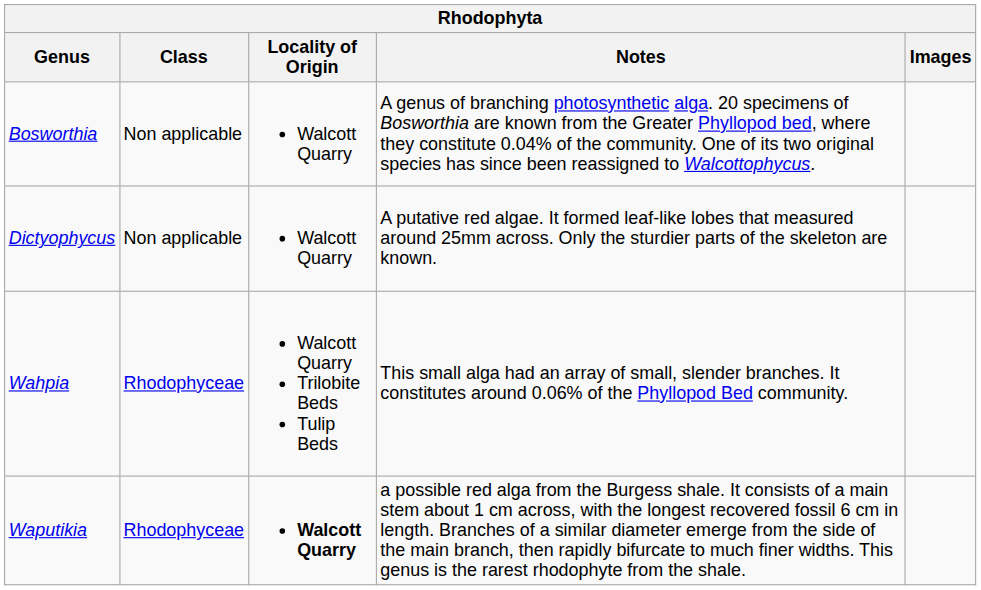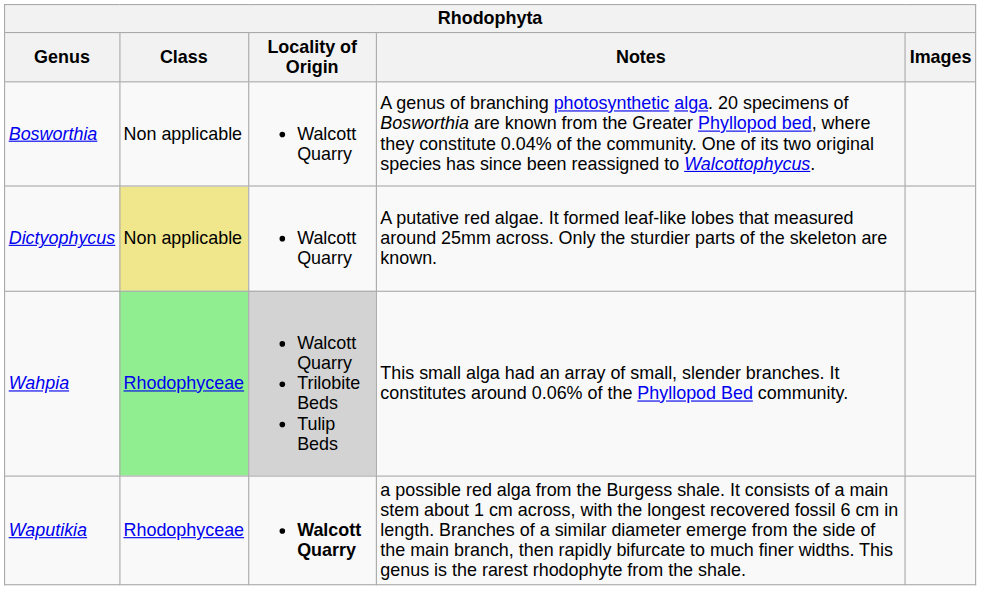 <table class="wikitable sortable mw-collapsible">
 <tr>
 <th colspan="6" align="center">Rhodophyta</th>
 </tr>
 <tr>
 <th>Genus</th>
 <th>Class</th>
 <th>Locality of Origin</th>
 <th>Notes</th>
 <th>Images</th>
 </tr>
 <tr>
 <td><em><a href='#'>Bosworthia</a></em></td>
 <td>Non applicable</td>
 <td><br><ul><li>Walcott Quarry</li></ul></td>
 <td>A genus of branching <a href='#'>photosynthetic</a> <a href='#'>alga</a>. 20 specimens of <em>Bosworthia</em> are known from the Greater <a href='#'>Phyllopod bed</a>, where they constitute 0.04% of the community. One of its two original species has since been reassigned to <em><a href='#'>Walcottophycus</a></em>.</td>
 <td></td>
 </tr>
 <tr>
 <td><em><a href='#'>Dictyophycus</a></em></td>
-<td>Non applicable</td>
+<td style="background: khaki;">Non applicable</td>
 <td><br><ul><li>Walcott Quarry</li></ul></td>
 <td>A putative red algae. It formed leaf-like lobes that measured around 25mm across. Only the sturdier parts of the skeleton are known.</td>
 <td></td>
 </tr>
 <tr>
 <td><em><a href='#'>Wahpia</a></em></td>
-<td><a href='#'>Rhodophyceae</a></td>
-<td><br><ul><li>Walcott Quarry</li><li>Trilobite Beds</li><li>Tulip Beds</li></ul></td>
+<td style="background: lightgreen;"><a href='#'>Rhodophyceae</a></td>
+<td style="background: lightgrey;"><br><ul><li>Walcott Quarry</li><li>Trilobite Beds</li><li>Tulip Beds</li></ul></td>
 <td>This small alga had an array of small, slender branches. It constitutes around 0.06% of the <a href='#'>Phyllopod Bed</a> community.</td>
 <td></td>
 </tr>
 <tr>
 <td><em><a href='#'>Waputikia</a></em></td>
 <td><a href='#'>Rhodophyceae</a></td>
 <td><strong><br><ul><li>Walcott Quarry</li></ul></strong></td>
 <td>a possible red alga from the Burgess shale. It consists of a main stem about 1 cm across, with the longest recovered fossil 6 cm in length. Branches of a similar diameter emerge from the side of the main branch, then rapidly bifurcate to much finer widths. This genus is the rarest rhodophyte from the shale.</td>
 <td></td>
 </tr>
 </table>
